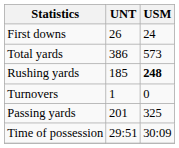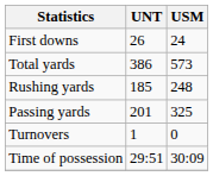 <table class="wikitable">
 <tr>
 <th>Statistics</th>
 <th>UNT</th>
 <th>USM</th>
 </tr>
 <tr>
 <td>First downs</td>
 <td>26</td>
 <td>24</td>
 </tr>
 <tr>
 <td>Total yards</td>
 <td>386</td>
 <td>573</td>
 </tr>
 <tr>
 <td>Rushing yards</td>
 <td>185</td>
-<td><strong>248</strong></td>
+<td>248</td>
+</tr>
+<tr>
+<td>Passing yards</td>
+<td>201</td>
+<td>325</td>
 </tr>
 <tr>
 <td>Turnovers</td>
 <td>1</td>
 <td>0</td>
-</tr>
-<tr>
-<td>Passing yards</td>
-<td>201</td>
-<td>325</td>
 </tr>
 <tr>
 <td>Time of possession</td>
 <td>29:51</td>
 <td>30:09</td>
 </tr>
 <tr>
 </tr>
 </table>
